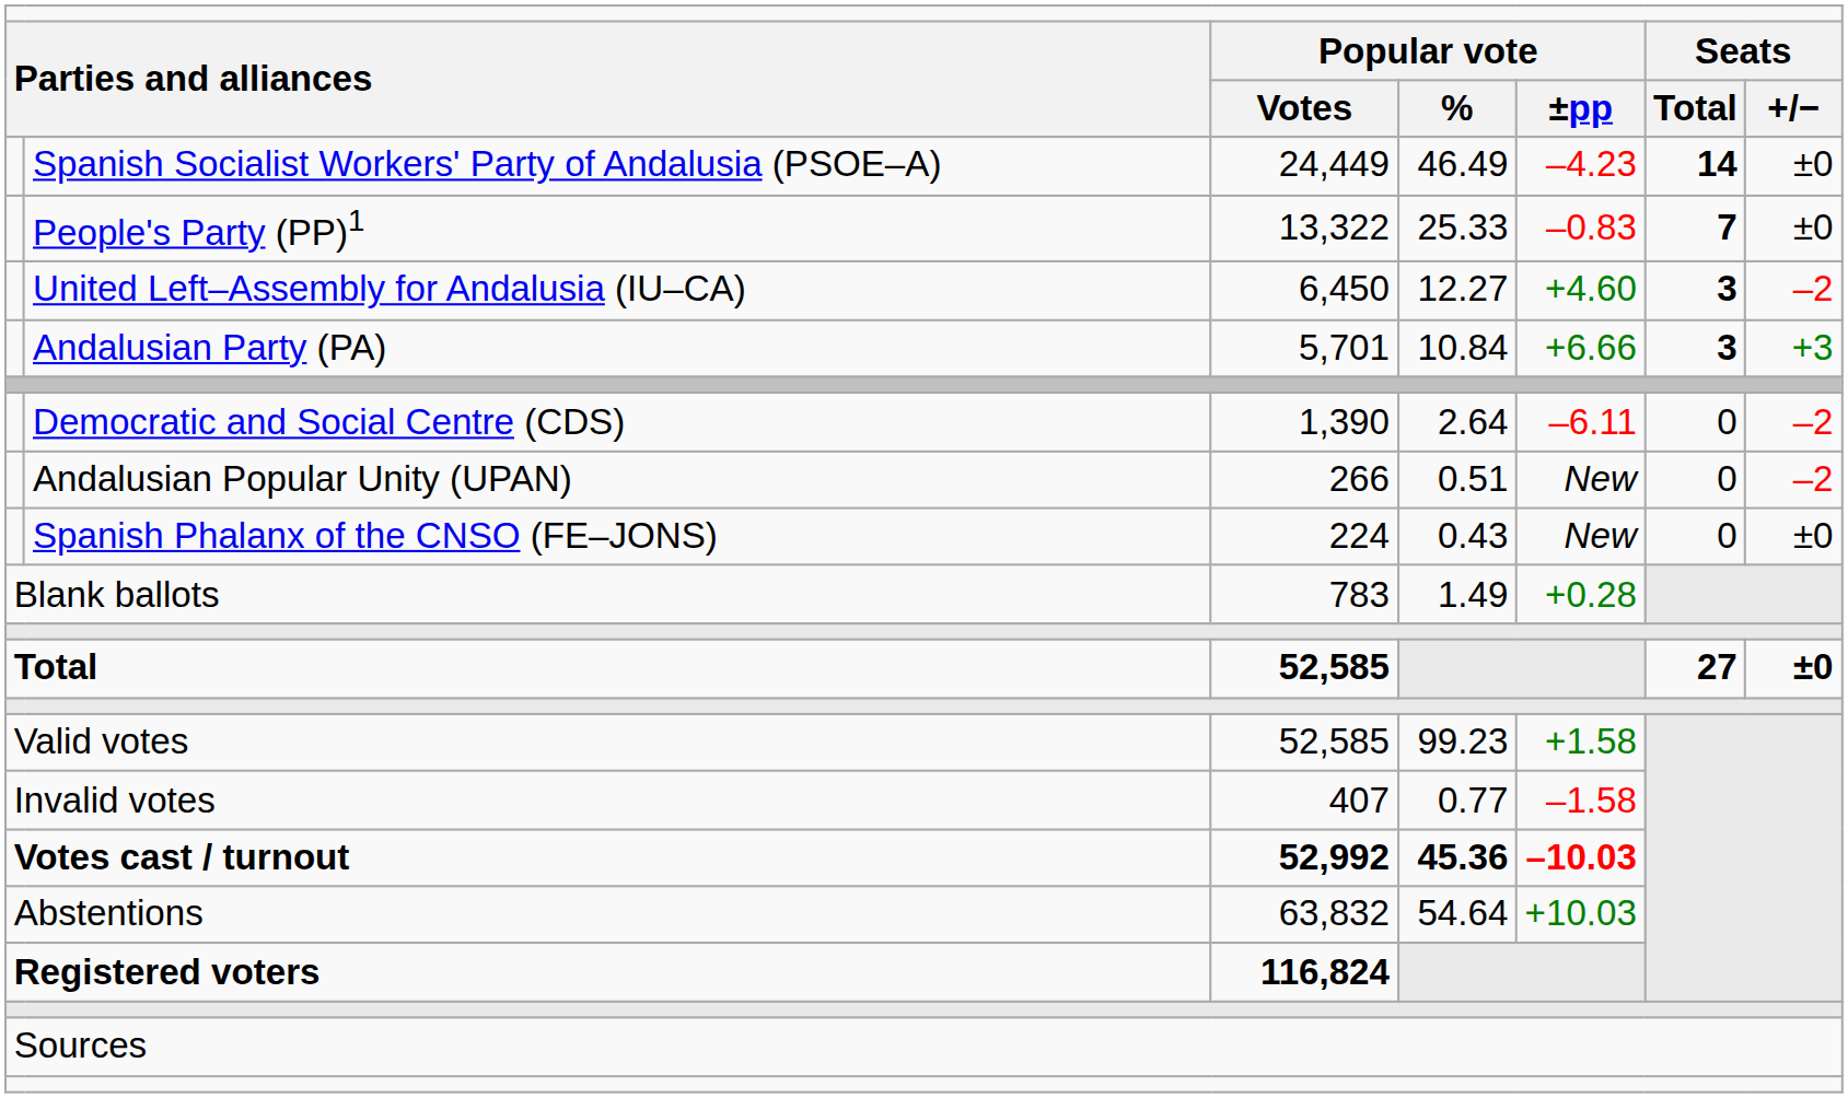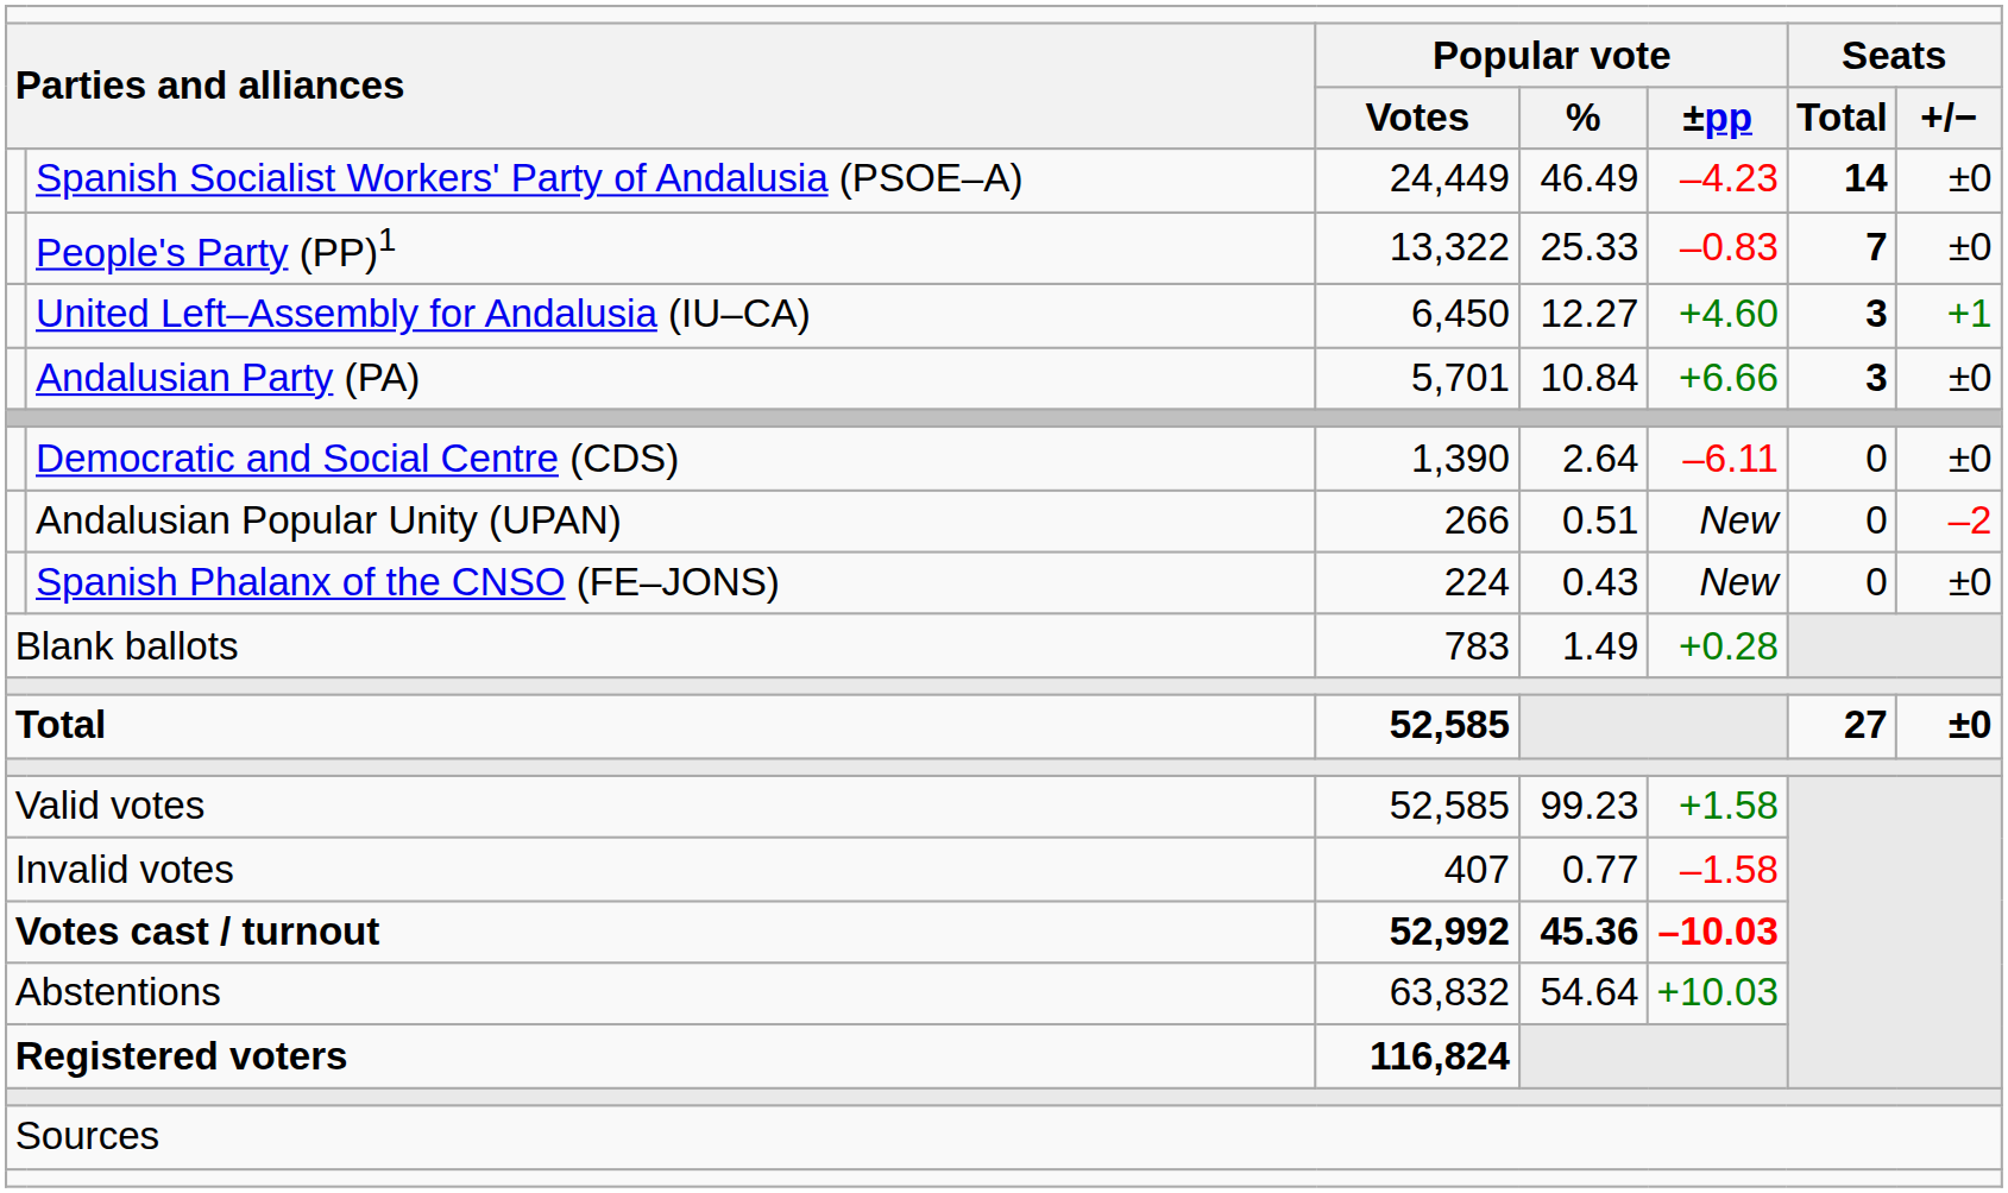 <table class="wikitable" style="text-align:right;">
 <tr>
 <td colspan="7"></td>
 </tr>
 <tr>
 <th style="text-align:left;" rowspan="2" colspan="2" width="525">Parties and alliances</th>
 <th colspan="3">Popular vote</th>
 <th colspan="2">Seats</th>
 </tr>
 <tr>
 <th width="75">Votes</th>
 <th width="45">%</th>
 <th width="45">±<a href='#'>pp</a></th>
 <th width="35">Total</th>
 <th width="35">+/−</th>
 </tr>
 <tr>
 <td width="1" style="color:inherit;background:"></td>
 <td align="left"><a href='#'>Spanish Socialist Workers' Party of Andalusia</a> (PSOE–A)</td>
 <td>24,449</td>
 <td>46.49</td>
 <td style="color:red;">–4.23</td>
 <td><strong>14</strong></td>
 <td>±0</td>
 </tr>
 <tr>
 <td style="color:inherit;background:"></td>
 <td align="left"><a href='#'>People's Party</a> (PP)<sup>1</sup></td>
 <td>13,322</td>
 <td>25.33</td>
 <td style="color:red;">–0.83</td>
 <td><strong>7</strong></td>
 <td>±0</td>
 </tr>
 <tr>
 <td style="color:inherit;background:"></td>
 <td align="left"><a href='#'>United Left–Assembly for Andalusia</a> (IU–CA)</td>
 <td>6,450</td>
 <td>12.27</td>
 <td style="color:green;">+4.60</td>
 <td><strong>3</strong></td>
-<td style="color:red;">–2</td>
+<td style="color:green;">+1</td>
 </tr>
 <tr>
 <td style="color:inherit;background:"></td>
 <td align="left"><a href='#'>Andalusian Party</a> (PA)</td>
 <td>5,701</td>
 <td>10.84</td>
 <td style="color:green;">+6.66</td>
 <td><strong>3</strong></td>
-<td style="color:green;">+3</td>
+<td>±0</td>
 </tr>
 <tr>
 <td colspan="7" bgcolor="#C0C0C0"></td>
 </tr>
 <tr>
 <td style="color:inherit;background:"></td>
 <td align="left"><a href='#'>Democratic and Social Centre</a> (CDS)</td>
 <td>1,390</td>
 <td>2.64</td>
 <td style="color:red;">–6.11</td>
 <td>0</td>
-<td style="color:red;">–2</td>
+<td>±0</td>
 </tr>
 <tr>
 <td style="color:inherit;background:"></td>
 <td align="left">Andalusian Popular Unity (UPAN)</td>
 <td>266</td>
 <td>0.51</td>
 <td><em>New</em></td>
 <td>0</td>
 <td style="color:red;">–2</td>
 </tr>
 <tr>
 <td style="color:inherit;background:"></td>
 <td align="left"><a href='#'>Spanish Phalanx of the CNSO</a> (FE–JONS)</td>
 <td>224</td>
 <td>0.43</td>
 <td><em>New</em></td>
 <td>0</td>
 <td>±0</td>
 </tr>
 <tr>
 <td align="left" colspan="2">Blank ballots</td>
 <td>783</td>
 <td>1.49</td>
 <td style="color:green;">+0.28</td>
 <td bgcolor="#E9E9E9" colspan="2"></td>
 </tr>
 <tr>
 <td colspan="7" bgcolor="#E9E9E9"></td>
 </tr>
 <tr style="font-weight:bold;">
 <td align="left" colspan="2">Total</td>
 <td>52,585</td>
 <td bgcolor="#E9E9E9" colspan="2"></td>
 <td>27</td>
 <td>±0</td>
 </tr>
 <tr>
 <td colspan="7" bgcolor="#E9E9E9"></td>
 </tr>
 <tr>
 <td align="left" colspan="2">Valid votes</td>
 <td>52,585</td>
 <td>99.23</td>
 <td style="color:green;">+1.58</td>
 <td bgcolor="#E9E9E9" colspan="2" rowspan="5"></td>
 </tr>
 <tr>
 <td align="left" colspan="2">Invalid votes</td>
 <td>407</td>
 <td>0.77</td>
 <td style="color:red;">–1.58</td>
 </tr>
 <tr style="font-weight:bold;">
 <td align="left" colspan="2">Votes cast / turnout</td>
 <td>52,992</td>
 <td>45.36</td>
 <td style="color:red;">–10.03</td>
 </tr>
 <tr>
 <td align="left" colspan="2">Abstentions</td>
 <td>63,832</td>
 <td>54.64</td>
 <td style="color:green;">+10.03</td>
 </tr>
 <tr style="font-weight:bold;">
 <td align="left" colspan="2">Registered voters</td>
 <td>116,824</td>
 <td bgcolor="#E9E9E9" colspan="2"></td>
 </tr>
 <tr>
 <td colspan="7" bgcolor="#E9E9E9"></td>
 </tr>
 <tr>
 <td align="left" colspan="7">Sources</td>
 </tr>
 <tr>
 <td colspan="7" style="text-align:left; max-width:790px;"></td>
 </tr>
 </table>
